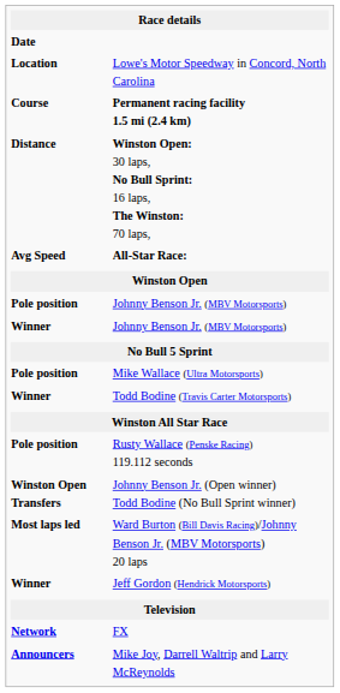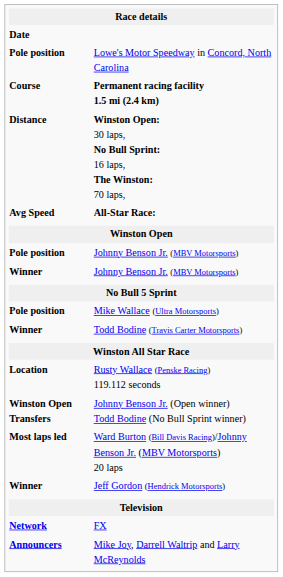 <table class="infobox vevent" style="width: 27em; font-size: 88%; line-height: 1.5em">
 <tr style="text-align: center; background: #ffffff;">
 <td align="center" style="background:#efefef;" colspan=2><strong>Race details</strong></td>
 </tr>
 <tr style="vertical-align: middle;">
 <td><strong>Date</strong></td>
 <td></td>
 </tr>
 <tr style="vertical-align: middle;">
-<td><strong>Location</strong></td>
+<td><strong>Pole position</strong></td>
 <td><a href='#'>Lowe's Motor Speedway</a> in <a href='#'>Concord, North Carolina</a></td>
 </tr>
 <tr style="vertical-align: middle;">
 <td><strong>Course</strong></td>
 <td><strong>Permanent racing facility<br>1.5 mi (2.4 km)</strong></td>
 </tr>
 <tr style="vertical-align: middle;">
 <td><strong>Distance</strong></td>
 <td><strong>Winston Open:</strong><br>30 laps, <br><strong>No Bull Sprint:</strong><br>16 laps, <br><strong>The Winston:</strong><br>70 laps, </td>
 </tr>
 <tr style="vertical-align: middle;">
 <td><strong>Avg Speed</strong></td>
 <td><strong>All-Star Race:</strong><br></td>
 </tr>
 <tr style="vertical-align: middle;">
 <td></td>
 </tr>
 <tr>
 <td align="center" style="background:#efefef;" colspan=2><strong>Winston Open</strong></td>
 </tr>
 <tr style="vertical-align: middle;">
 <td><strong>Pole position</strong></td>
 <td><a href='#'>Johnny Benson Jr.</a> <small>(<a href='#'>MBV Motorsports</a>)</small></td>
 </tr>
 <tr style="vertical-align: middle;">
 <td><strong>Winner</strong></td>
 <td><a href='#'>Johnny Benson Jr.</a> <small>(<a href='#'>MBV Motorsports</a>)</small></td>
 </tr>
 <tr style="vertical-align: middle;">
 <td></td>
 </tr>
 <tr>
 <td align="center" style="background:#efefef;" colspan=2><strong>No Bull 5 Sprint</strong></td>
 </tr>
 <tr style="vertical-align: middle;">
 <td><strong>Pole position</strong></td>
 <td><a href='#'>Mike Wallace</a> <small>(<a href='#'>Ultra Motorsports</a>)</small></td>
 </tr>
 <tr style="vertical-align: middle;">
 <td><strong>Winner</strong></td>
 <td><a href='#'>Todd Bodine</a> <small>(<a href='#'>Travis Carter Motorsports</a>)</small></td>
 </tr>
 <tr style="vertical-align: middle;">
 <td></td>
 </tr>
 <tr>
 <td align="center" style="background:#efefef;" colspan=2><strong>Winston All Star Race</strong></td>
 </tr>
 <tr style="vertical-align: middle;">
-<td><strong>Pole position</strong></td>
+<td><strong>Location</strong></td>
 <td><a href='#'>Rusty Wallace</a> <small>(<a href='#'>Penske Racing</a>)</small><br>119.112 seconds</td>
 </tr>
 <tr style="vertical-align: middle;">
 <td><strong>Winston Open Transfers</strong></td>
 <td><a href='#'>Johnny Benson Jr.</a> (Open winner)<br><a href='#'>Todd Bodine</a> (No Bull Sprint winner)</td>
 </tr>
 <tr style="vertical-align: middle;">
 <td><strong>Most laps led</strong></td>
 <td><a href='#'>Ward Burton</a> <small>(<a href='#'>Bill Davis Racing</a>)</small>/<a href='#'>Johnny Benson Jr.</a> (<a href='#'>MBV Motorsports</a>)<br>20 laps</td>
 </tr>
 <tr style="vertical-align: middle;">
 <td><strong>Winner</strong></td>
 <td><a href='#'>Jeff Gordon</a> <small>(<a href='#'>Hendrick Motorsports</a>)</small></td>
 </tr>
 <tr style="vertical-align: middle;">
 <td></td>
 </tr>
 <tr>
 <td align="center" style="background:#efefef;" colspan=2><strong>Television</strong></td>
 </tr>
 <tr style="vertical-align: middle;">
 <td><strong><a href='#'>Network</a></strong></td>
 <td><a href='#'>FX</a></td>
 </tr>
 <tr style="vertical-align: middle;">
 <td><strong><a href='#'>Announcers</a></strong></td>
 <td><a href='#'>Mike Joy</a>, <a href='#'>Darrell Waltrip</a> and <a href='#'>Larry McReynolds</a></td>
 </tr>
 </table>
